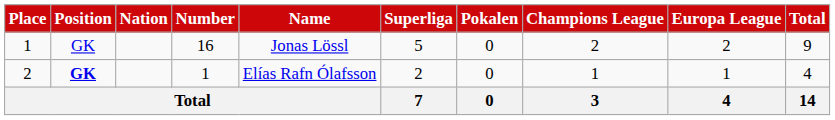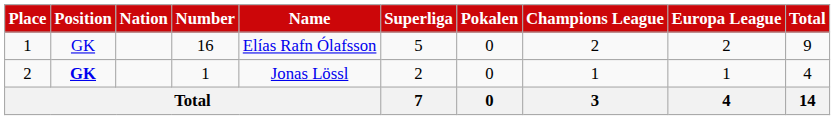 <table class="wikitable" style="font-size: 95%; text-align: center">
 <tr>
 <th style="background:#cc0609; color:white; text-align:center;"!width=80>Place</th>
 <th style="background:#cc0609; color:white; text-align:center;"!width=80>Position</th>
 <th style="background:#cc0609; color:white; text-align:center;"!width=80>Nation</th>
 <th style="background:#cc0609; color:white; text-align:center;"!width=80>Number</th>
 <th style="background:#cc0609; color:white; text-align:center;"!width=150>Name</th>
 <th style="background:#cc0609; color:white; text-align:center;"!width=150>Superliga</th>
 <th style="background:#cc0609; color:white; text-align:center;"!width=150>Pokalen</th>
 <th style="background:#cc0609; color:white; text-align:center;"!width=150>Champions League</th>
 <th style="background:#cc0609; color:white; text-align:center;"!width=150>Europa League</th>
 <th style="background:#cc0609; color:white; text-align:center;"!width=80>Total</th>
 </tr>
 <tr>
 <td rowspan=1>1</td>
 <td><a href='#'>GK</a></td>
 <td></td>
 <td>16</td>
-<td><a href='#'>Jonas Lössl</a></td>
+<td><a href='#'>Elías Rafn Ólafsson</a></td>
 <td>5</td>
 <td>0</td>
 <td>2</td>
 <td>2</td>
 <td>9</td>
 </tr>
 <tr>
 <td rowspan=1>2</td>
 <td><strong><a href='#'>GK</a></strong></td>
 <td></td>
 <td>1</td>
-<td><a href='#'>Elías Rafn Ólafsson</a></td>
+<td><a href='#'>Jonas Lössl</a></td>
 <td>2</td>
 <td>0</td>
 <td>1</td>
 <td>1</td>
 <td>4</td>
 </tr>
 <tr>
 <th colspan=5>Total</th>
 <th>7</th>
 <th>0</th>
 <th>3</th>
 <th>4</th>
 <th>14</th>
 </tr>
 </table>
